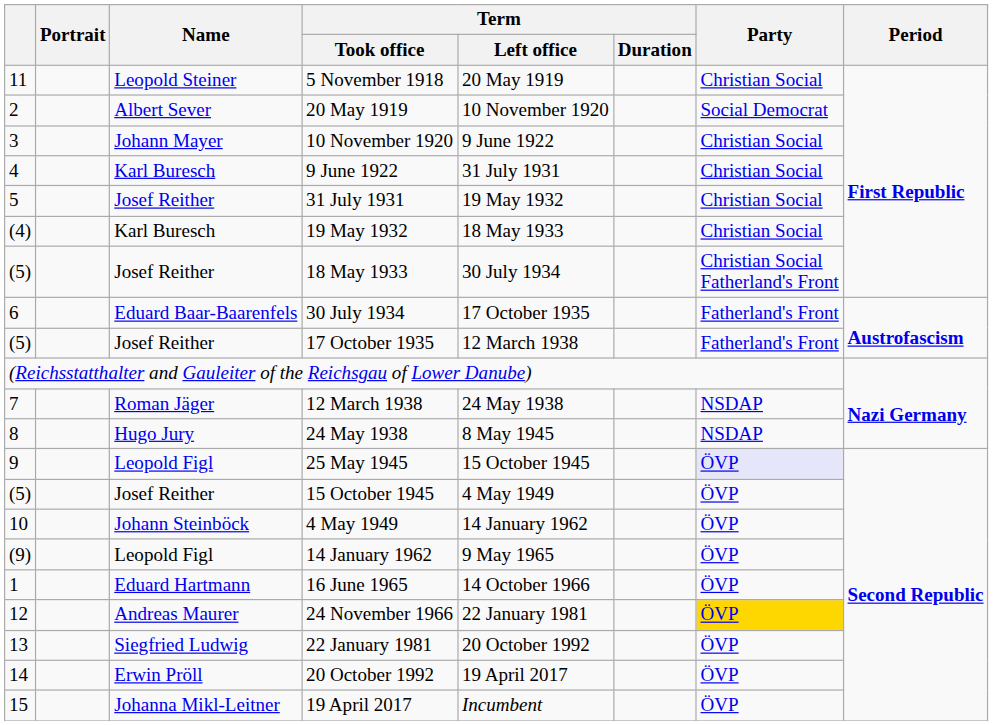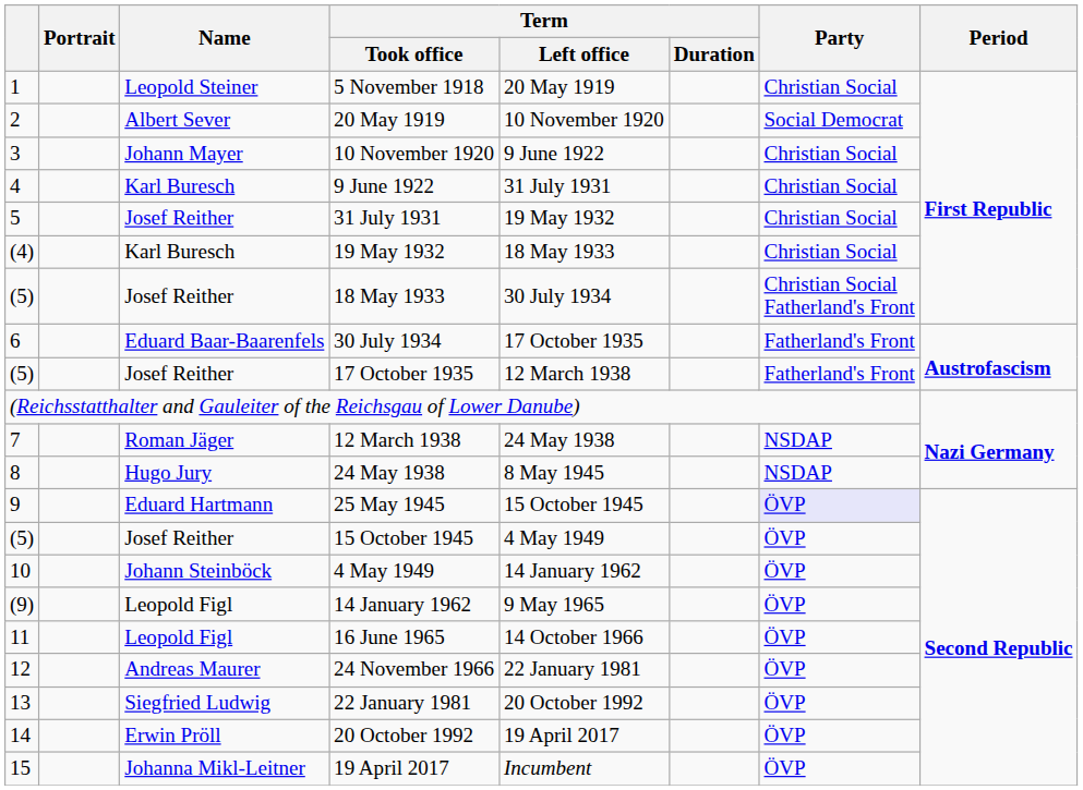 <table class="wikitable">
 <tr>
 <th rowspan="2"></th>
 <th rowspan="2">Portrait</th>
 <th rowspan="2">Name</th>
 <th colspan="3">Term</th>
 <th rowspan="2">Party</th>
 <th rowspan="2">Period</th>
 </tr>
 <tr>
 <th>Took office</th>
 <th>Left office</th>
 <th>Duration</th>
 </tr>
 <tr>
-<td>11</td>
+<td>1</td>
 <td></td>
 <td><a href='#'>Leopold Steiner</a></td>
 <td>5 November 1918</td>
 <td>20 May 1919</td>
 <td></td>
 <td><a href='#'>Christian Social</a></td>
 <td rowspan="7"><br><strong><a href='#'> First Republic</a></strong> </td>
 </tr>
 <tr>
 <td>2</td>
 <td></td>
 <td><a href='#'>Albert Sever</a></td>
 <td>20 May 1919</td>
 <td>10 November 1920</td>
 <td></td>
 <td><a href='#'>Social Democrat</a></td>
 </tr>
 <tr>
 <td>3</td>
 <td></td>
 <td><a href='#'>Johann Mayer</a></td>
 <td>10 November 1920</td>
 <td>9 June 1922</td>
 <td></td>
 <td><a href='#'>Christian Social</a></td>
 </tr>
 <tr>
 <td>4</td>
 <td></td>
 <td><a href='#'>Karl Buresch</a></td>
 <td>9 June 1922</td>
 <td>31 July 1931</td>
 <td></td>
 <td><a href='#'>Christian Social</a></td>
 </tr>
 <tr>
 <td>5</td>
 <td></td>
 <td><a href='#'>Josef Reither</a></td>
 <td>31 July 1931</td>
 <td>19 May 1932</td>
 <td></td>
 <td><a href='#'>Christian Social</a></td>
 </tr>
 <tr>
 <td>(4)</td>
 <td></td>
 <td>Karl Buresch</td>
 <td>19 May 1932</td>
 <td>18 May 1933</td>
 <td></td>
 <td><a href='#'>Christian Social</a></td>
 </tr>
 <tr>
 <td>(5)</td>
 <td></td>
 <td>Josef Reither</td>
 <td>18 May 1933</td>
 <td>30 July 1934</td>
 <td></td>
 <td><a href='#'>Christian Social</a><br><a href='#'>Fatherland's Front</a></td>
 </tr>
 <tr>
 <td>6</td>
 <td></td>
 <td><a href='#'>Eduard Baar-Baarenfels</a></td>
 <td>30 July 1934</td>
 <td>17 October 1935</td>
 <td></td>
 <td><a href='#'>Fatherland's Front</a></td>
 <td rowspan="2"><br><strong><a href='#'>Austrofascism</a></strong> </td>
 </tr>
 <tr>
 <td>(5)</td>
 <td></td>
 <td>Josef Reither</td>
 <td>17 October 1935</td>
 <td>12 March 1938</td>
 <td></td>
 <td><a href='#'>Fatherland's Front</a></td>
 </tr>
 <tr>
 <td colspan="7"><em>(<a href='#'>Reichsstatthalter</a> and <a href='#'>Gauleiter</a> of the <a href='#'>Reichsgau</a> of <a href='#'>Lower Danube</a>)</em></td>
 <td rowspan="3"><br><strong><a href='#'>Nazi Germany</a></strong> </td>
 </tr>
 <tr>
 <td>7</td>
 <td></td>
 <td><a href='#'>Roman Jäger</a></td>
 <td>12 March 1938</td>
 <td>24 May 1938</td>
 <td></td>
 <td><a href='#'>NSDAP</a></td>
 </tr>
 <tr>
 <td>8</td>
 <td></td>
 <td><a href='#'>Hugo Jury</a></td>
 <td>24 May 1938</td>
 <td>8 May 1945</td>
 <td></td>
 <td><a href='#'>NSDAP</a></td>
 </tr>
 <tr>
 <td>9</td>
 <td></td>
-<td><a href='#'>Leopold Figl</a></td>
+<td><a href='#'>Eduard Hartmann</a></td>
 <td>25 May 1945</td>
 <td>15 October 1945</td>
 <td></td>
 <td style="background: lavender;"><a href='#'>ÖVP</a></td>
 <td rowspan="9"><br><strong><a href='#'>Second Republic</a></strong> </td>
 </tr>
 <tr>
 <td>(5)</td>
 <td></td>
 <td>Josef Reither</td>
 <td>15 October 1945</td>
 <td>4 May 1949</td>
 <td></td>
 <td><a href='#'>ÖVP</a></td>
 </tr>
 <tr>
 <td>10</td>
 <td></td>
 <td><a href='#'>Johann Steinböck</a></td>
 <td>4 May 1949</td>
 <td>14 January 1962</td>
 <td></td>
 <td><a href='#'>ÖVP</a></td>
 </tr>
 <tr>
 <td>(9)</td>
 <td></td>
 <td>Leopold Figl</td>
 <td>14 January 1962</td>
 <td>9 May 1965</td>
 <td></td>
 <td><a href='#'>ÖVP</a></td>
 </tr>
 <tr>
-<td>1</td>
+<td>11</td>
 <td></td>
-<td><a href='#'>Eduard Hartmann</a></td>
+<td><a href='#'>Leopold Figl</a></td>
 <td>16 June 1965</td>
 <td>14 October 1966</td>
 <td></td>
 <td><a href='#'>ÖVP</a></td>
 </tr>
 <tr>
 <td>12</td>
 <td></td>
 <td><a href='#'>Andreas Maurer</a></td>
 <td>24 November 1966</td>
 <td>22 January 1981</td>
 <td></td>
-<td style="background: gold;"><a href='#'>ÖVP</a></td>
+<td><a href='#'>ÖVP</a></td>
 </tr>
 <tr>
 <td>13</td>
 <td></td>
 <td><a href='#'>Siegfried Ludwig</a></td>
 <td>22 January 1981</td>
 <td>20 October 1992</td>
 <td></td>
 <td><a href='#'>ÖVP</a></td>
 </tr>
 <tr>
 <td>14</td>
 <td></td>
 <td><a href='#'>Erwin Pröll</a></td>
 <td>20 October 1992</td>
 <td>19 April 2017</td>
 <td></td>
 <td><a href='#'>ÖVP</a></td>
 </tr>
 <tr>
 <td>15</td>
 <td></td>
 <td><a href='#'>Johanna Mikl-Leitner</a></td>
 <td>19 April 2017</td>
 <td><em>Incumbent</em></td>
 <td></td>
 <td><a href='#'>ÖVP</a></td>
 </tr>
 </table>
